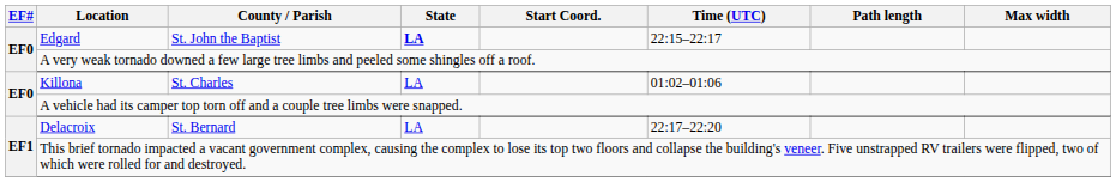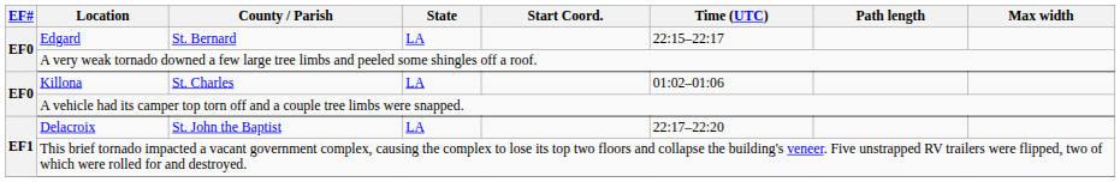 <table class="wikitable sortable" style="width:100%;">
 <tr>
 <th scope="col" width="2%" align="center"><a href='#'>EF#</a></th>
 <th scope="col" align="center" class="unsortable">Location</th>
 <th scope="col" align="center" class="unsortable">County / Parish</th>
 <th scope="col" align="center">State</th>
 <th scope="col" align="center">Start Coord.</th>
 <th scope="col" align="center">Time (<a href='#'>UTC</a>)</th>
 <th scope="col" align="center">Path length</th>
 <th scope="col" align="center">Max width</th>
 </tr>
 <tr>
 <th scope="row" rowspan="2" style="background-color:#">EF0</th>
 <td><a href='#'>Edgard</a></td>
-<td><a href='#'>St. John the Baptist</a></td>
-<td><strong><a href='#'>LA</a></strong></td>
+<td><a href='#'>St. Bernard</a></td>
+<td><a href='#'>LA</a></td>
 <td></td>
 <td>22:15–22:17</td>
 <td></td>
 <td></td>
 </tr>
 <tr class="expand-child">
 <td colspan="8" style=" border-bottom: 1px solid black;">A very weak tornado downed a few large tree limbs and peeled some shingles off a roof.</td>
 </tr>
 <tr>
 <th scope="row" rowspan="2" style="background-color:#">EF0</th>
 <td><a href='#'>Killona</a></td>
 <td><a href='#'>St. Charles</a></td>
 <td><a href='#'>LA</a></td>
 <td></td>
 <td>01:02–01:06</td>
 <td></td>
 <td></td>
 </tr>
 <tr class="expand-child">
 <td colspan="8" style=" border-bottom: 1px solid black;">A vehicle had its camper top torn off and a couple tree limbs were snapped.</td>
 </tr>
 <tr>
 <th scope="row" rowspan="2" style="background-color:#">EF1</th>
 <td><a href='#'>Delacroix</a></td>
-<td><a href='#'>St. Bernard</a></td>
+<td><a href='#'>St. John the Baptist</a></td>
 <td><a href='#'>LA</a></td>
 <td></td>
 <td>22:17–22:20</td>
 <td></td>
 <td></td>
 </tr>
 <tr class="expand-child">
 <td colspan="8" style=" border-bottom: 1px solid black;">This brief tornado impacted a vacant government complex, causing the complex to lose its top two floors and collapse the building's <a href='#'>veneer</a>. Five unstrapped RV trailers were flipped, two of which were rolled for  and destroyed.</td>
 </tr>
 <tr>
 </tr>
 </table>
